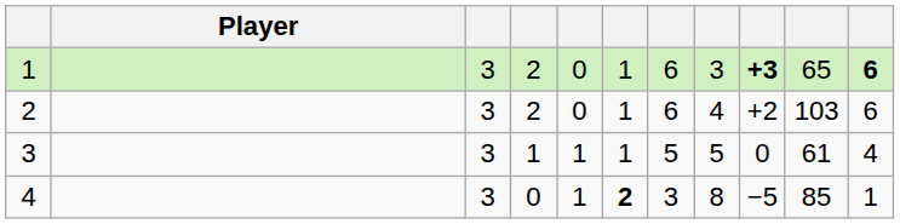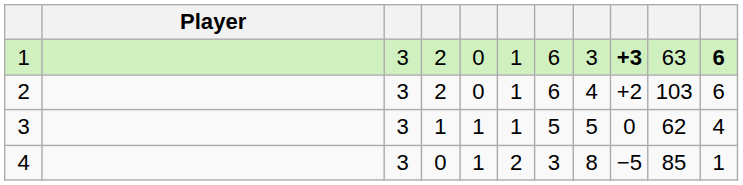 <table class="wikitable" style="text-align:center; margin: 1em auto 1em auto, align:left">
 <tr>
 <th width=20></th>
 <th width=240>Player</th>
 <th width=20></th>
 <th width=20></th>
 <th width=20></th>
 <th width=20></th>
 <th width=20></th>
 <th width=20></th>
 <th width=20></th>
 <th width=30></th>
 <th width=20></th>
 </tr>
 <tr style="background:#D0F0C0;">
 <td>1</td>
 <td align=left></td>
 <td>3</td>
 <td>2</td>
 <td>0</td>
 <td>1</td>
 <td>6</td>
 <td>3</td>
 <td><strong>+3</strong></td>
-<td>65</td>
+<td>63</td>
 <td><strong>6</strong></td>
 </tr>
 <tr style=>
 <td>2</td>
 <td align=left></td>
 <td>3</td>
 <td>2</td>
 <td>0</td>
 <td>1</td>
 <td>6</td>
 <td>4</td>
 <td>+2</td>
 <td>103</td>
 <td>6</td>
 </tr>
 <tr style=>
 <td>3</td>
 <td align=left></td>
 <td>3</td>
 <td>1</td>
 <td>1</td>
 <td>1</td>
 <td>5</td>
 <td>5</td>
 <td>0</td>
-<td>61</td>
+<td>62</td>
 <td>4</td>
 </tr>
 <tr style=>
 <td>4</td>
 <td align=left></td>
 <td>3</td>
 <td>0</td>
 <td>1</td>
-<td><strong>2</strong></td>
+<td>2</td>
 <td>3</td>
 <td>8</td>
 <td>−5</td>
 <td>85</td>
 <td>1</td>
 </tr>
 </table>
